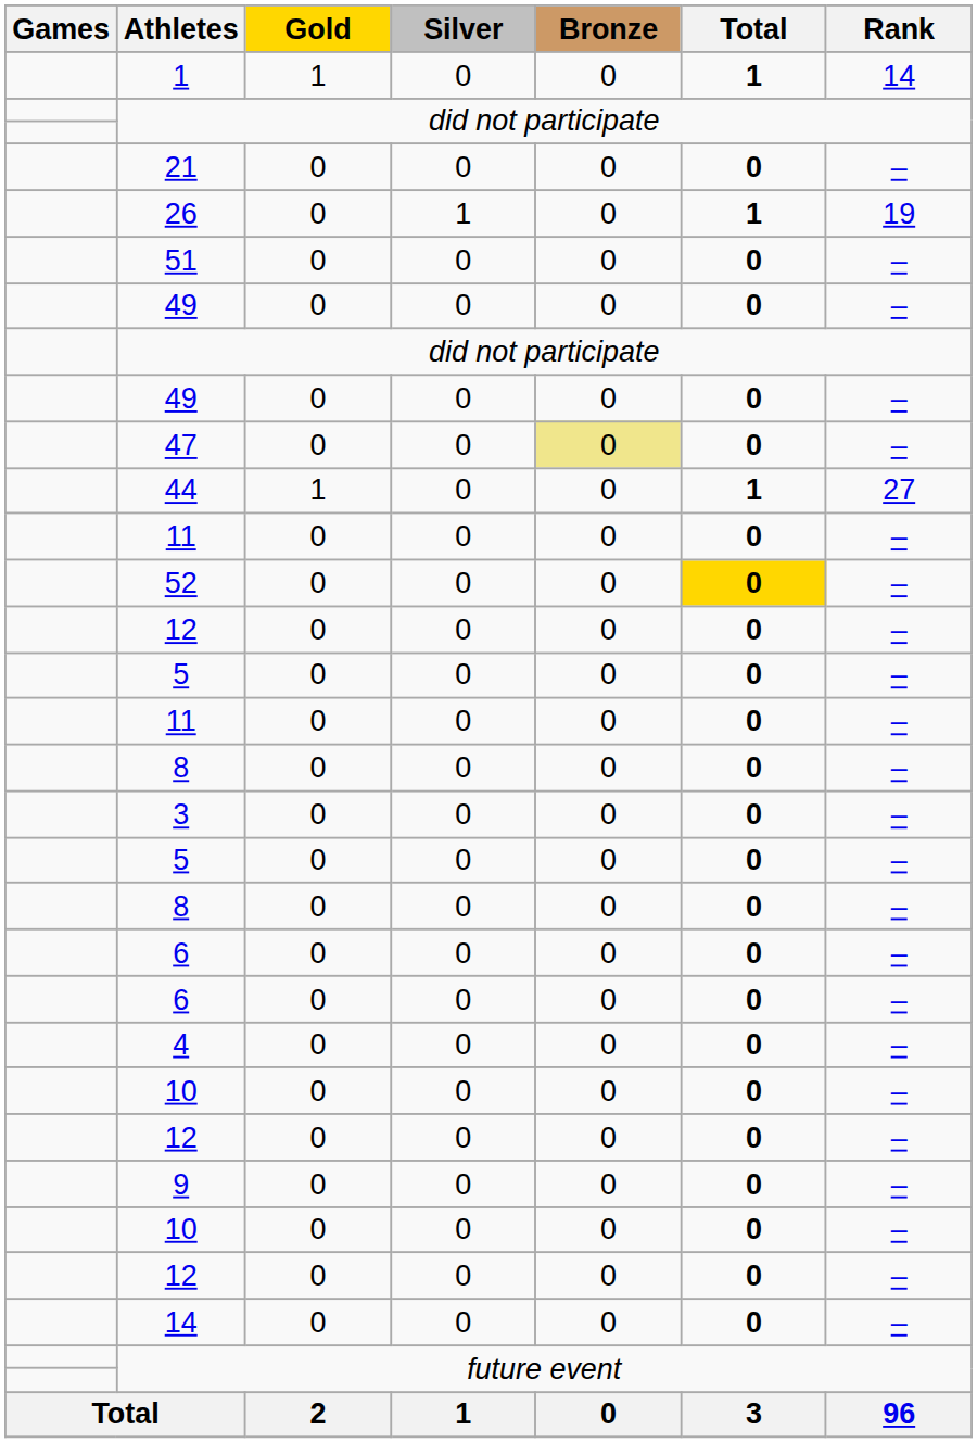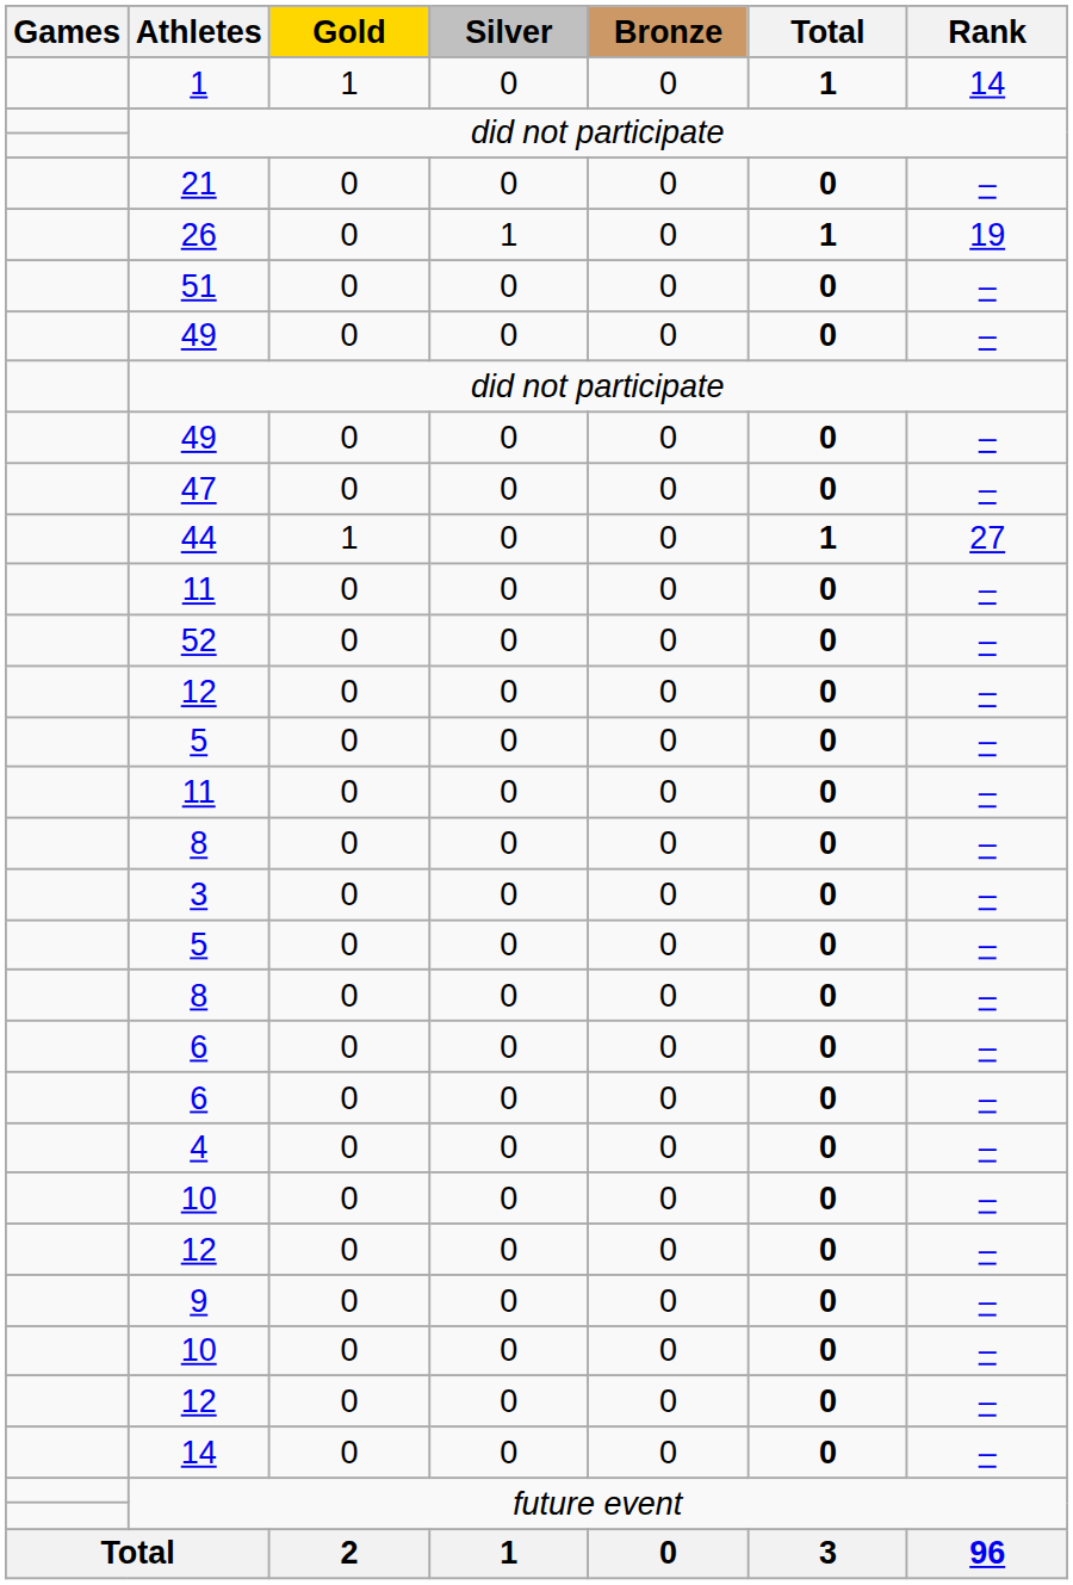 <table class="wikitable" style="text-align:center; font-size:90%;">
 <tr>
 <th>Games</th>
 <th>Athletes</th>
 <td style="background:gold; width:4.5em; font-weight:bold;">Gold</td>
 <td style="background:silver; width:4.5em; font-weight:bold;">Silver</td>
 <td style="background:#cc9966; width:4.5em; font-weight:bold;">Bronze</td>
 <th style="width:4.5em; font-weight:bold;">Total</th>
 <th style="width:4.5em; font-weight:bold;">Rank</th>
 </tr>
 <tr>
 <td align=left></td>
 <td><a href='#'>1</a></td>
 <td>1</td>
 <td>0</td>
 <td>0</td>
 <td><strong>1</strong></td>
 <td><a href='#'>14</a></td>
 </tr>
 <tr>
 <td align=left></td>
 <td colspan=6; rowspan=2><em>did not participate</em></td>
 </tr>
 <tr>
 <td align=left></td>
 </tr>
 <tr>
 <td align=left></td>
 <td><a href='#'>21</a></td>
 <td>0</td>
 <td>0</td>
 <td>0</td>
 <td><strong>0</strong></td>
 <td><a href='#'>–</a></td>
 </tr>
 <tr>
 <td align=left></td>
 <td><a href='#'>26</a></td>
 <td>0</td>
 <td>1</td>
 <td>0</td>
 <td><strong>1</strong></td>
 <td><a href='#'>19</a></td>
 </tr>
 <tr>
 <td align=left></td>
 <td><a href='#'>51</a></td>
 <td>0</td>
 <td>0</td>
 <td>0</td>
 <td><strong>0</strong></td>
 <td><a href='#'>–</a></td>
 </tr>
 <tr>
 <td align=left></td>
 <td><a href='#'>49</a></td>
 <td>0</td>
 <td>0</td>
 <td>0</td>
 <td><strong>0</strong></td>
 <td><a href='#'>–</a></td>
 </tr>
 <tr>
 <td align=left></td>
 <td colspan=6><em>did not participate</em></td>
 </tr>
 <tr>
 <td align=left></td>
 <td><a href='#'>49</a></td>
 <td>0</td>
 <td>0</td>
 <td>0</td>
 <td><strong>0</strong></td>
 <td><a href='#'>–</a></td>
 </tr>
 <tr>
 <td align=left></td>
 <td><a href='#'>47</a></td>
 <td>0</td>
 <td>0</td>
-<td style="background: khaki;">0</td>
+<td>0</td>
 <td><strong>0</strong></td>
 <td><a href='#'>–</a></td>
 </tr>
 <tr>
 <td align=left></td>
 <td><a href='#'>44</a></td>
 <td>1</td>
 <td>0</td>
 <td>0</td>
 <td><strong>1</strong></td>
 <td><a href='#'>27</a></td>
 </tr>
 <tr>
 <td align=left></td>
 <td><a href='#'>11</a></td>
 <td>0</td>
 <td>0</td>
 <td>0</td>
 <td><strong>0</strong></td>
 <td><a href='#'>–</a></td>
 </tr>
 <tr>
 <td align=left></td>
 <td><a href='#'>52</a></td>
 <td>0</td>
 <td>0</td>
 <td>0</td>
-<td style="background: gold;"><strong>0</strong></td>
+<td><strong>0</strong></td>
 <td><a href='#'>–</a></td>
 </tr>
 <tr>
 <td align=left></td>
 <td><a href='#'>12</a></td>
 <td>0</td>
 <td>0</td>
 <td>0</td>
 <td><strong>0</strong></td>
 <td><a href='#'>–</a></td>
 </tr>
 <tr>
 <td align=left></td>
 <td><a href='#'>5</a></td>
 <td>0</td>
 <td>0</td>
 <td>0</td>
 <td><strong>0</strong></td>
 <td><a href='#'>–</a></td>
 </tr>
 <tr>
 <td align=left></td>
 <td><a href='#'>11</a></td>
 <td>0</td>
 <td>0</td>
 <td>0</td>
 <td><strong>0</strong></td>
 <td><a href='#'>–</a></td>
 </tr>
 <tr>
 <td align=left></td>
 <td><a href='#'>8</a></td>
 <td>0</td>
 <td>0</td>
 <td>0</td>
 <td><strong>0</strong></td>
 <td><a href='#'>–</a></td>
 </tr>
 <tr>
 <td align=left></td>
 <td><a href='#'>3</a></td>
 <td>0</td>
 <td>0</td>
 <td>0</td>
 <td><strong>0</strong></td>
 <td><a href='#'>–</a></td>
 </tr>
 <tr>
 <td align=left></td>
 <td><a href='#'>5</a></td>
 <td>0</td>
 <td>0</td>
 <td>0</td>
 <td><strong>0</strong></td>
 <td><a href='#'>–</a></td>
 </tr>
 <tr>
 <td align=left></td>
 <td><a href='#'>8</a></td>
 <td>0</td>
 <td>0</td>
 <td>0</td>
 <td><strong>0</strong></td>
 <td><a href='#'>–</a></td>
 </tr>
 <tr>
 <td align=left></td>
 <td><a href='#'>6</a></td>
 <td>0</td>
 <td>0</td>
 <td>0</td>
 <td><strong>0</strong></td>
 <td><a href='#'>–</a></td>
 </tr>
 <tr>
 <td align=left></td>
 <td><a href='#'>6</a></td>
 <td>0</td>
 <td>0</td>
 <td>0</td>
 <td><strong>0</strong></td>
 <td><a href='#'>–</a></td>
 </tr>
 <tr>
 <td align=left></td>
 <td><a href='#'>4</a></td>
 <td>0</td>
 <td>0</td>
 <td>0</td>
 <td><strong>0</strong></td>
 <td><a href='#'>–</a></td>
 </tr>
 <tr>
 <td align=left></td>
 <td><a href='#'>10</a></td>
 <td>0</td>
 <td>0</td>
 <td>0</td>
 <td><strong>0</strong></td>
 <td><a href='#'>–</a></td>
 </tr>
 <tr>
 <td align=left></td>
 <td><a href='#'>12</a></td>
 <td>0</td>
 <td>0</td>
 <td>0</td>
 <td><strong>0</strong></td>
 <td><a href='#'>–</a></td>
 </tr>
 <tr>
 <td align=left></td>
 <td><a href='#'>9</a></td>
 <td>0</td>
 <td>0</td>
 <td>0</td>
 <td><strong>0</strong></td>
 <td><a href='#'>–</a></td>
 </tr>
 <tr>
 <td align=left></td>
 <td><a href='#'>10</a></td>
 <td>0</td>
 <td>0</td>
 <td>0</td>
 <td><strong>0</strong></td>
 <td><a href='#'>–</a></td>
 </tr>
 <tr>
 <td align=left></td>
 <td><a href='#'>12</a></td>
 <td>0</td>
 <td>0</td>
 <td>0</td>
 <td><strong>0</strong></td>
 <td><a href='#'>–</a></td>
 </tr>
 <tr>
 <td align=left></td>
 <td><a href='#'>14</a></td>
 <td>0</td>
 <td>0</td>
 <td>0</td>
 <td><strong>0</strong></td>
 <td><a href='#'>–</a></td>
 </tr>
 <tr>
 <td align=left></td>
 <td colspan=6; rowspan=2><em>future event</em></td>
 </tr>
 <tr>
 <td align=left></td>
 </tr>
 <tr>
 <th colspan=2>Total</th>
 <th>2</th>
 <th>1</th>
 <th>0</th>
 <th>3</th>
 <th><a href='#'>96</a></th>
 </tr>
 </table>
